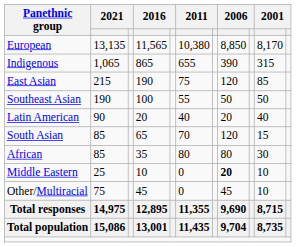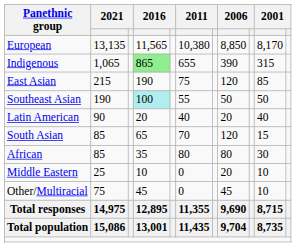 <table class="wikitable collapsible sortable">
 <tr>
 <th rowspan="2"><a href='#'>Panethnic</a><br>group</th>
 <th colspan="2">2021</th>
 <th colspan="2">2016</th>
 <th colspan="2">2011</th>
 <th colspan="2">2006</th>
 <th colspan="2">2001</th>
 </tr>
 <tr>
 <th><a href='#'></a></th>
 <th></th>
 <th></th>
 <th></th>
 <th></th>
 <th></th>
 <th></th>
 <th></th>
 <th></th>
 <th></th>
 </tr>
 <tr>
 <td><a href='#'>European</a></td>
 <td>13,135</td>
 <td></td>
 <td>11,565</td>
 <td></td>
 <td>10,380</td>
 <td></td>
 <td>8,850</td>
 <td></td>
 <td>8,170</td>
 <td></td>
 </tr>
 <tr>
 <td><a href='#'>Indigenous</a></td>
 <td>1,065</td>
 <td></td>
-<td>865</td>
+<td style="background: lightgreen;">865</td>
 <td></td>
 <td>655</td>
 <td></td>
 <td>390</td>
 <td></td>
 <td>315</td>
 <td></td>
 </tr>
 <tr>
 <td><a href='#'>East Asian</a></td>
 <td>215</td>
 <td></td>
 <td>190</td>
 <td></td>
 <td>75</td>
 <td></td>
 <td>120</td>
 <td></td>
 <td>85</td>
 <td></td>
 </tr>
 <tr>
 <td><a href='#'>Southeast Asian</a></td>
 <td>190</td>
 <td></td>
-<td>100</td>
+<td style="background: paleturquoise;">100</td>
 <td></td>
 <td>55</td>
 <td></td>
 <td>50</td>
 <td></td>
 <td>50</td>
 <td></td>
 </tr>
 <tr>
 <td><a href='#'>Latin American</a></td>
 <td>90</td>
 <td></td>
 <td>20</td>
 <td></td>
 <td>40</td>
 <td></td>
 <td>20</td>
 <td></td>
 <td>40</td>
 <td></td>
 </tr>
 <tr>
 <td><a href='#'>South Asian</a></td>
 <td>85</td>
 <td></td>
 <td>65</td>
 <td></td>
 <td>70</td>
 <td></td>
 <td>120</td>
 <td></td>
 <td>15</td>
 <td></td>
 </tr>
 <tr>
 <td><a href='#'>African</a></td>
 <td>85</td>
 <td></td>
 <td>35</td>
 <td></td>
 <td>80</td>
 <td></td>
 <td>80</td>
 <td></td>
 <td>30</td>
 <td></td>
 </tr>
 <tr>
 <td><a href='#'>Middle Eastern</a></td>
 <td>25</td>
 <td></td>
 <td>10</td>
 <td></td>
 <td>0</td>
 <td></td>
-<td><strong>20</strong></td>
+<td>20</td>
 <td></td>
 <td>10</td>
 <td></td>
 </tr>
 <tr>
 <td>Other/<a href='#'>Multiracial</a></td>
 <td>75</td>
 <td></td>
 <td>45</td>
 <td></td>
 <td>0</td>
 <td></td>
 <td>45</td>
 <td></td>
 <td>10</td>
 <td></td>
 </tr>
 <tr>
 <th>Total responses</th>
 <th>14,975</th>
 <th></th>
 <th>12,895</th>
 <th></th>
 <th>11,355</th>
 <th></th>
 <th>9,690</th>
 <th></th>
 <th>8,715</th>
 <th></th>
 </tr>
 <tr>
 <th>Total population</th>
 <th>15,086</th>
 <th></th>
 <th>13,001</th>
 <th></th>
 <th>11,435</th>
 <th></th>
 <th>9,704</th>
 <th></th>
 <th>8,735</th>
 <th></th>
 </tr>
 <tr class="sortbottom">
 <td colspan="15"></td>
 </tr>
 </table>
